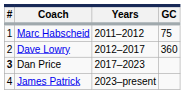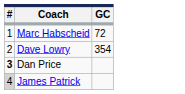 <table class="wikitable">
 <tr style="border-top:#182957 5px solid; border-bottom:#A0A9AD 5px solid;">
 <th>#</th>
 <th>Coach</th>
-<th>Years</th>
 <th>GC</th>
 </tr>
 <tr>
 <td>1</td>
 <td><a href='#'>Marc Habscheid</a></td>
-<td>2011–2012</td>
-<td>75</td>
+<td>72</td>
 </tr>
 <tr>
 <td>2</td>
 <td><a href='#'>Dave Lowry</a></td>
-<td>2012–2017</td>
-<td>360</td>
+<td>354</td>
 </tr>
 <tr>
 <td><strong>3</strong></td>
 <td>Dan Price</td>
-<td>2017–2023</td>
 <td></td>
 </tr>
 <tr>
-<td>4</td>
+<td style="background: lightgrey;">4</td>
 <td><a href='#'>James Patrick</a></td>
-<td>2023–present</td>
 <td></td>
 </tr>
 </table>
